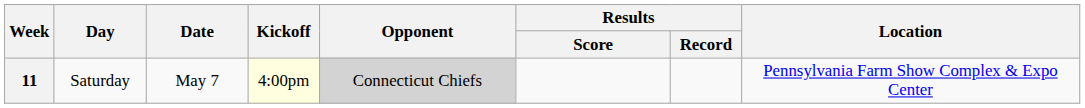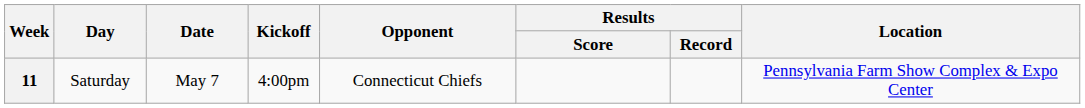 <table class="wikitable">
 <tr>
 <th rowspan="2" width="40">Week</th>
 <th rowspan="2" width="80">Day</th>
 <th rowspan="2" width="90">Date</th>
 <th rowspan="2" width="60">Kickoff</th>
 <th rowspan="2" width="180">Opponent</th>
 <th colspan="2" width="200">Results</th>
 <th rowspan="2" width="315">Location</th>
 </tr>
 <tr>
 <th width="140">Score</th>
 <th width="60">Record</th>
 </tr>
 <tr align="center" >
 <th>11</th>
 <td>Saturday</td>
 <td>May 7</td>
-<td style="background: lightyellow;">4:00pm</td>
-<td style="background: lightgrey;">Connecticut Chiefs</td>
+<td>4:00pm</td>
+<td>Connecticut Chiefs</td>
 <td></td>
 <td></td>
 <td><a href='#'>Pennsylvania Farm Show Complex & Expo Center</a></td>
 </tr>
 </table>
